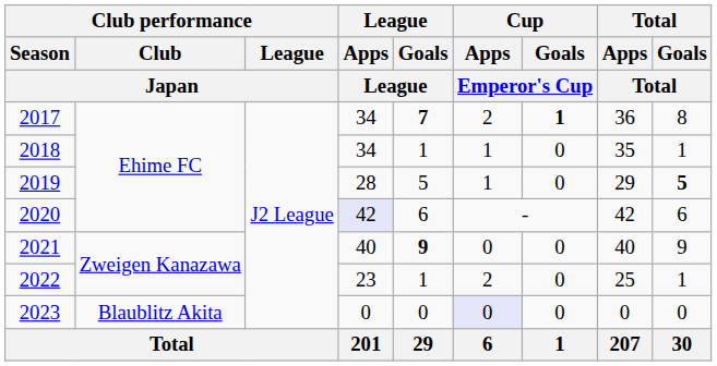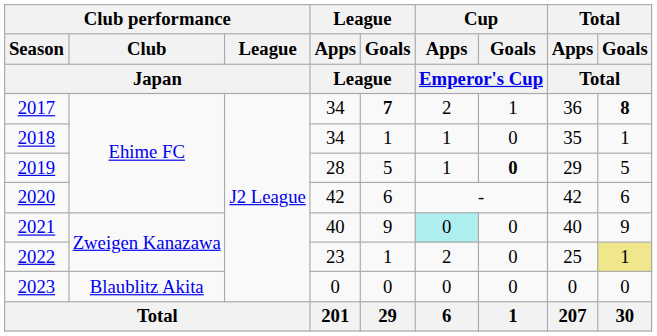 <table class="wikitable" style="text-align:center;">
 <tr>
 <th colspan=3>Club performance</th>
 <th colspan=2>League</th>
 <th colspan=2>Cup</th>
 <th colspan=2>Total</th>
 </tr>
 <tr>
 <th>Season</th>
 <th>Club</th>
 <th>League</th>
 <th>Apps</th>
 <th>Goals</th>
 <th>Apps</th>
 <th>Goals</th>
 <th>Apps</th>
 <th>Goals</th>
 </tr>
 <tr>
 <th colspan=3>Japan</th>
 <th colspan=2>League</th>
 <th colspan=2><a href='#'>Emperor's Cup</a></th>
 <th colspan=2>Total</th>
 </tr>
 <tr>
 <td><a href='#'>2017</a></td>
 <td rowspan="4"><a href='#'>Ehime FC</a></td>
 <td rowspan="7"><a href='#'>J2 League</a></td>
 <td>34</td>
 <td><strong>7</strong></td>
 <td>2</td>
-<td><strong>1</strong></td>
+<td>1</td>
 <td>36</td>
-<td>8</td>
+<td><strong>8</strong></td>
 </tr>
 <tr>
 <td><a href='#'>2018</a></td>
 <td>34</td>
 <td>1</td>
 <td>1</td>
 <td>0</td>
 <td>35</td>
 <td>1</td>
 </tr>
 <tr>
 <td><a href='#'>2019</a></td>
 <td>28</td>
 <td>5</td>
 <td>1</td>
-<td>0</td>
+<td><strong>0</strong></td>
 <td>29</td>
-<td><strong>5</strong></td>
+<td>5</td>
 </tr>
 <tr>
 <td><a href='#'>2020</a></td>
-<td style="background: lavender;">42</td>
+<td>42</td>
 <td>6</td>
 <td colspan=2>-</td>
 <td>42</td>
 <td>6</td>
 </tr>
 <tr>
 <td><a href='#'>2021</a></td>
 <td rowspan="2"><a href='#'>Zweigen Kanazawa</a></td>
 <td>40</td>
-<td><strong>9</strong></td>
-<td>0</td>
+<td>9</td>
+<td style="background: paleturquoise;">0</td>
 <td>0</td>
 <td>40</td>
 <td>9</td>
 </tr>
 <tr>
 <td><a href='#'>2022</a></td>
 <td>23</td>
 <td>1</td>
 <td>2</td>
 <td>0</td>
 <td>25</td>
-<td>1</td>
+<td style="background: khaki;">1</td>
 </tr>
 <tr>
 <td><a href='#'>2023</a></td>
 <td rowspan="1"><a href='#'>Blaublitz Akita</a></td>
 <td>0</td>
 <td>0</td>
-<td style="background: lavender;">0</td>
+<td>0</td>
 <td>0</td>
 <td>0</td>
 <td>0</td>
 </tr>
 <tr>
 <th colspan=3>Total</th>
 <th>201</th>
 <th>29</th>
 <th>6</th>
 <th>1</th>
 <th>207</th>
 <th>30</th>
 </tr>
 </table>
